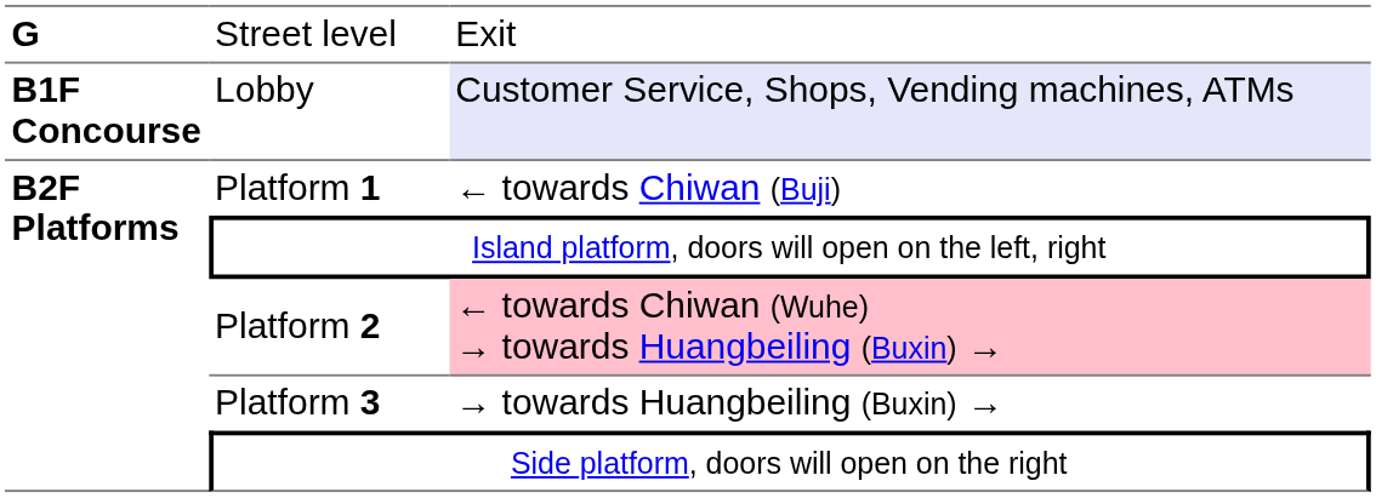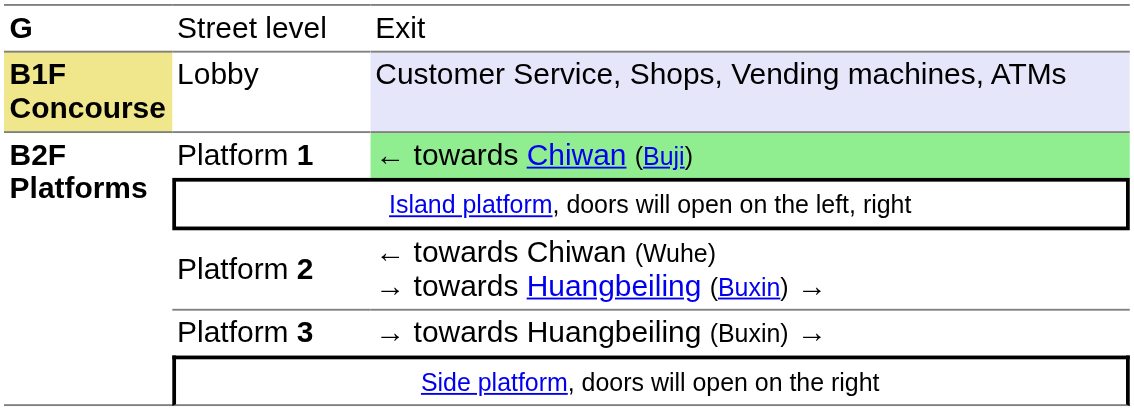 <table table border=0 cellspacing=0 cellpadding=3>
 <tr>
 <td style="border-top:solid 1px gray;" width=50 valign=top><strong>G</strong></td>
 <td style="border-top:solid 1px gray;" width=100 valign=top>Street level</td>
 <td style="border-top:solid 1px gray;" width=400 valign=top>Exit</td>
 </tr>
 <tr>
-<td style="border-bottom:solid 1px gray; border-top:solid 1px gray;" valign=top width=50><strong>B1F<br>Concourse</strong></td>
+<td style="background: khaki; border-bottom:solid 1px gray; border-top:solid 1px gray;" valign=top width=50><strong>B1F<br>Concourse</strong></td>
 <td style="border-bottom:solid 1px gray; border-top:solid 1px gray;" valign=top width=100>Lobby</td>
 <td style="background: lavender; border-bottom:solid 1px gray; border-top:solid 1px gray;" valign=top width=400>Customer Service, Shops, Vending machines, ATMs</td>
 </tr>
 <tr>
 <td style="border-bottom:solid 1px gray;" rowspan="5" valign=top><strong>B2F<br>Platforms</strong></td>
 <td>Platform <strong>1</strong></td>
-<td>←  towards <a href='#'>Chiwan</a> <small>(<a href='#'>Buji</a>)</small></td>
+<td style="background: lightgreen;">←  towards <a href='#'>Chiwan</a> <small>(<a href='#'>Buji</a>)</small></td>
 </tr>
 <tr>
 <td style="border-right:solid 2px black;border-left:solid 2px black;border-top:solid 2px black;border-bottom:solid 2px black;text-align:center;" colspan=2><small><a href='#'>Island platform</a>, doors will open on the left, right</small></td>
 </tr>
 <tr>
 <td style="border-bottom:solid 1px gray;">Platform <strong>2</strong></td>
-<td style="background: pink; border-bottom:solid 1px gray;">←  towards Chiwan <small>(Wuhe)</small><br><span>→</span>  towards <a href='#'>Huangbeiling</a> <small>(<a href='#'>Buxin</a>)</small> →</td>
+<td style="border-bottom:solid 1px gray;">←  towards Chiwan <small>(Wuhe)</small><br><span>→</span>  towards <a href='#'>Huangbeiling</a> <small>(<a href='#'>Buxin</a>)</small> →</td>
 </tr>
 <tr>
 <td>Platform <strong>3</strong></td>
 <td><span>→</span>  towards Huangbeiling <small>(Buxin)</small> →</td>
 </tr>
 <tr>
 <td style="border-right:solid 2px black;border-left:solid 2px black;border-top:solid 2px black;border-bottom:solid 1px gray;" colspan="2"  align=center><small><a href='#'>Side platform</a>, doors will open on the right</small></td>
 </tr>
 </table>
